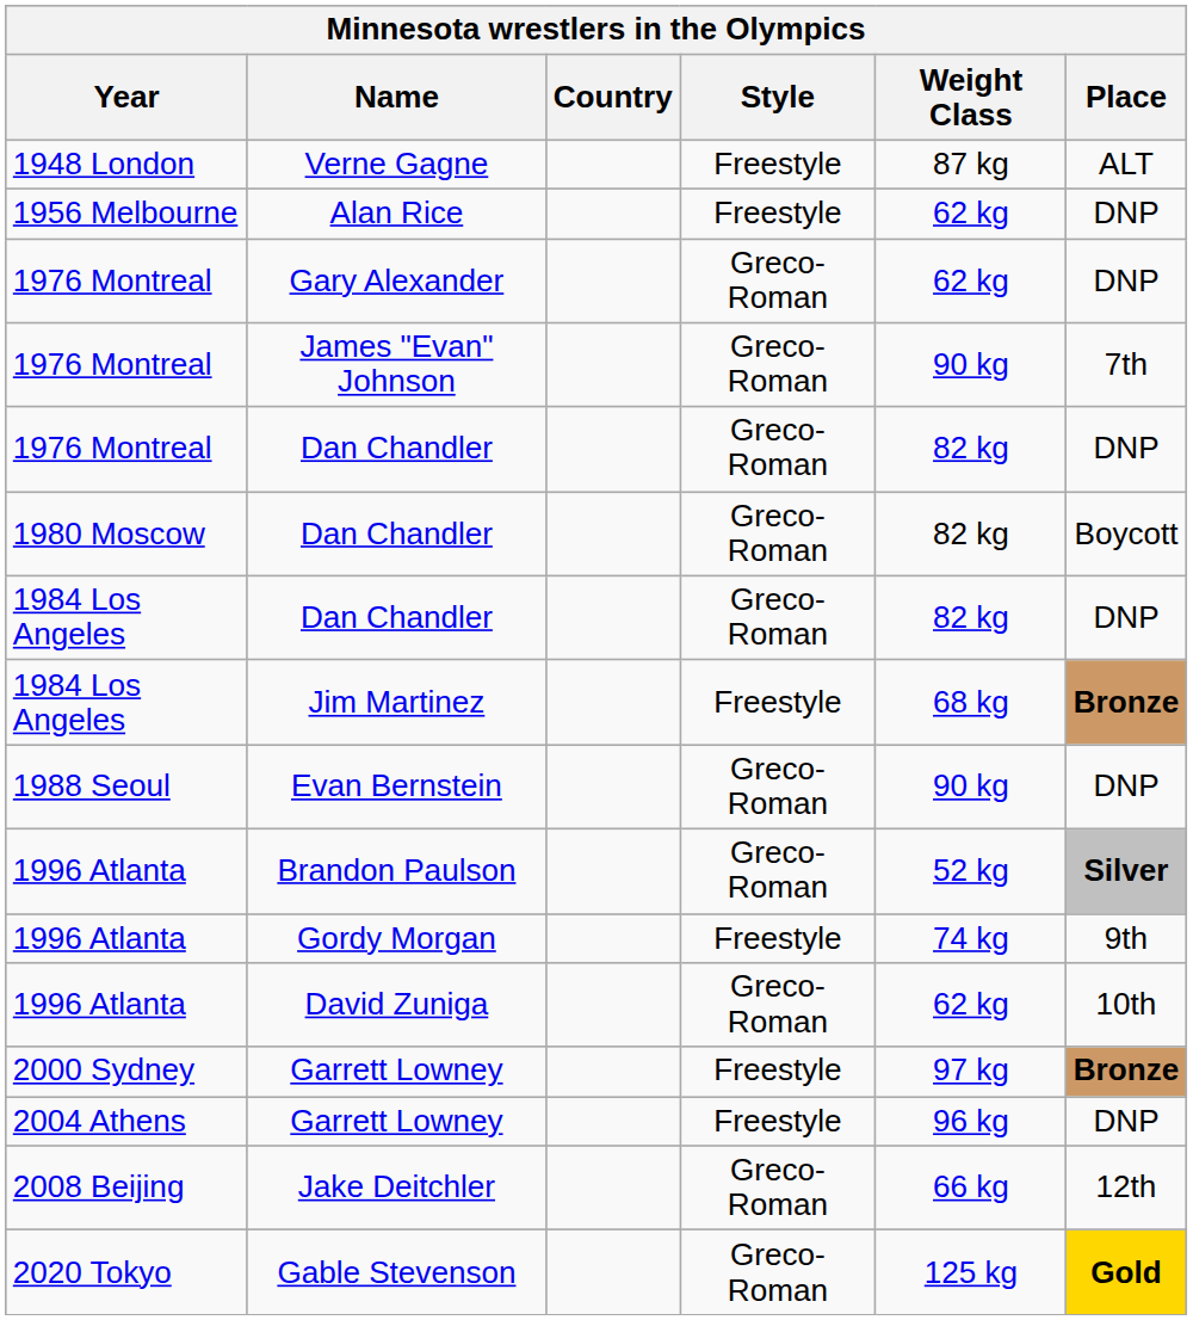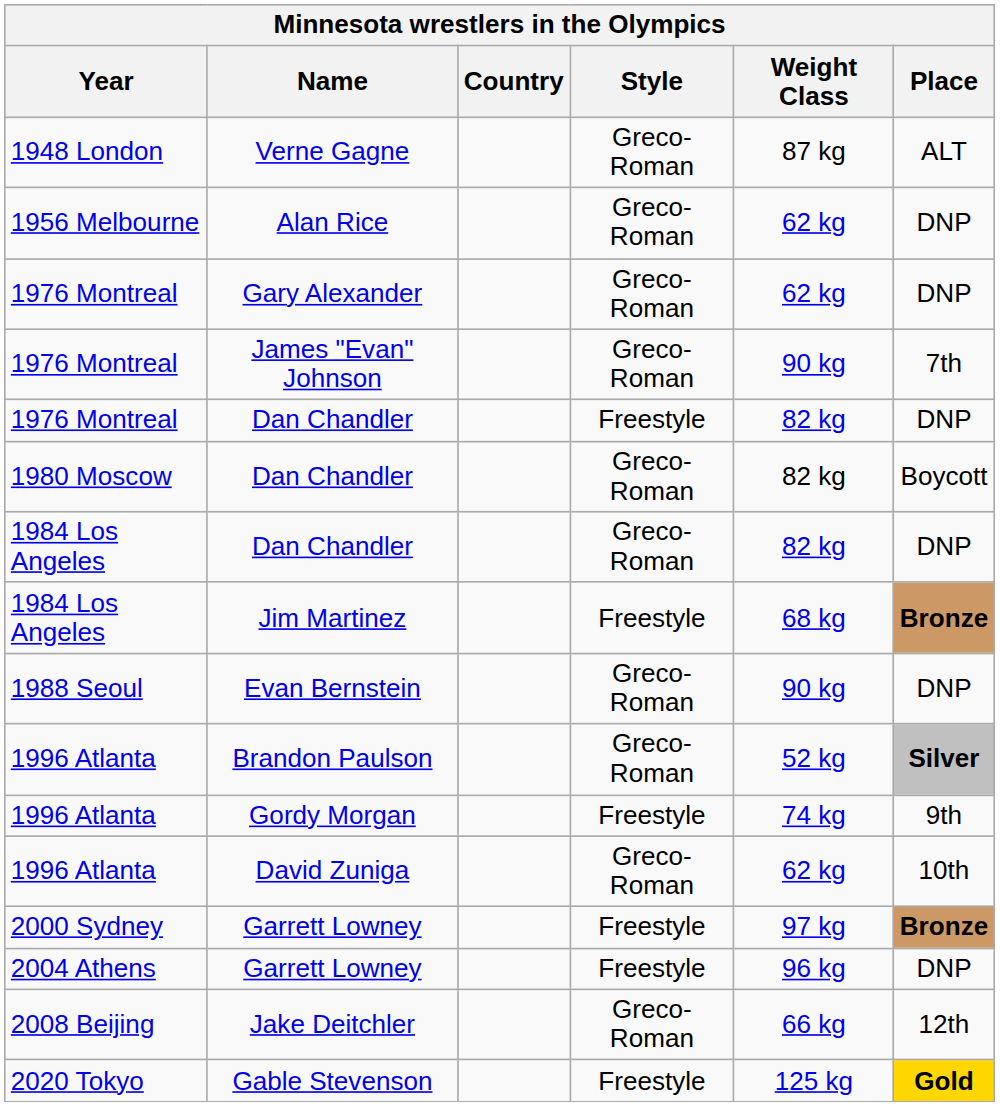 <table class="wikitable">
 <tr>
 <th colspan="6">Minnesota wrestlers in the Olympics</th>
 </tr>
 <tr>
 <th scope="col">Year</th>
 <th scope="col">Name</th>
 <th scope="col">Country</th>
 <th scope="col">Style</th>
 <th scope="col">Weight Class</th>
 <th scope="col">Place</th>
 </tr>
 <tr>
 <td><a href='#'>1948 London</a></td>
 <td style="text-align: center;"><a href='#'>Verne Gagne</a></td>
 <td style="text-align: center;"></td>
-<td style="text-align: center;">Freestyle</td>
+<td style="text-align: center;">Greco-Roman</td>
 <td style="text-align: center;">87 kg</td>
 <td style="text-align: center;">ALT</td>
 </tr>
 <tr>
 <td><a href='#'>1956 Melbourne</a></td>
 <td style="text-align: center;"><a href='#'>Alan Rice</a></td>
 <td style="text-align: center;"></td>
-<td style="text-align: center;">Freestyle</td>
+<td style="text-align: center;">Greco-Roman</td>
 <td style="text-align: center;"><a href='#'>62 kg</a></td>
 <td style="text-align: center;">DNP</td>
 </tr>
 <tr>
 <td><a href='#'>1976 Montreal</a></td>
 <td style="text-align: center;"><a href='#'>Gary Alexander</a></td>
 <td style="text-align: center;"></td>
 <td style="text-align: center;">Greco-Roman</td>
 <td style="text-align: center;"><a href='#'>62 kg</a></td>
 <td style="text-align: center;">DNP</td>
 </tr>
 <tr>
 <td><a href='#'>1976 Montreal</a></td>
 <td style="text-align: center;"><a href='#'>James "Evan" Johnson</a></td>
 <td style="text-align: center;"></td>
 <td style="text-align: center;">Greco-Roman</td>
 <td style="text-align: center;"><a href='#'>90 kg</a></td>
 <td style="text-align: center;">7th</td>
 </tr>
 <tr>
 <td><a href='#'>1976 Montreal</a></td>
 <td style="text-align: center;"><a href='#'>Dan Chandler</a></td>
 <td style="text-align: center;"></td>
-<td style="text-align: center;">Greco-Roman</td>
+<td style="text-align: center;">Freestyle</td>
 <td style="text-align: center;"><a href='#'>82 kg</a></td>
 <td style="text-align: center;">DNP</td>
 </tr>
 <tr>
 <td><a href='#'>1980 Moscow</a></td>
 <td style="text-align: center;"><a href='#'>Dan Chandler</a></td>
 <td style="text-align: center;"></td>
 <td style="text-align: center;">Greco-Roman</td>
 <td style="text-align: center;">82 kg</td>
 <td style="text-align: center;">Boycott</td>
 </tr>
 <tr>
 <td><a href='#'>1984 Los Angeles</a></td>
 <td style="text-align: center;"><a href='#'>Dan Chandler</a></td>
 <td style="text-align: center;"></td>
 <td style="text-align: center;">Greco-Roman</td>
 <td style="text-align: center;"><a href='#'>82 kg</a></td>
 <td style="text-align: center;">DNP</td>
 </tr>
 <tr>
 <td><a href='#'>1984 Los Angeles</a></td>
 <td style="text-align: center;"><a href='#'>Jim Martinez</a></td>
 <td style="text-align: center;"></td>
 <td style="text-align: center;">Freestyle</td>
 <td style="text-align: center;"><a href='#'>68 kg</a></td>
 <td style="text-align:center; background:#c96;"><strong>Bronze</strong></td>
 </tr>
 <tr>
 <td><a href='#'>1988 Seoul</a></td>
 <td style="text-align: center;"><a href='#'>Evan Bernstein</a></td>
 <td style="text-align: center;"></td>
 <td style="text-align: center;">Greco-Roman</td>
 <td style="text-align: center;"><a href='#'>90 kg</a></td>
 <td style="text-align: center;">DNP</td>
 </tr>
 <tr>
 <td><a href='#'>1996 Atlanta</a></td>
 <td style="text-align: center;"><a href='#'>Brandon Paulson</a></td>
 <td style="text-align: center;"></td>
 <td style="text-align: center;">Greco-Roman</td>
 <td style="text-align: center;"><a href='#'>52 kg</a></td>
 <td style="text-align: center; background:  silver;"><strong>Silver</strong></td>
 </tr>
 <tr>
 <td><a href='#'>1996 Atlanta</a></td>
 <td style="text-align: center;"><a href='#'>Gordy Morgan</a></td>
 <td style="text-align: center;"></td>
 <td style="text-align: center;">Freestyle</td>
 <td style="text-align: center;"><a href='#'>74 kg</a></td>
 <td style="text-align: center;">9th</td>
 </tr>
 <tr>
 <td><a href='#'>1996 Atlanta</a></td>
 <td style="text-align: center;"><a href='#'>David Zuniga</a></td>
 <td style="text-align: center;"></td>
 <td style="text-align: center;">Greco-Roman</td>
 <td style="text-align: center;"><a href='#'>62 kg</a></td>
 <td style="text-align: center;">10th</td>
 </tr>
 <tr>
 <td><a href='#'>2000 Sydney</a></td>
 <td style="text-align: center;"><a href='#'>Garrett Lowney</a></td>
 <td style="text-align: center;"></td>
 <td style="text-align: center;">Freestyle</td>
 <td style="text-align: center;"><a href='#'>97 kg</a></td>
 <td style="text-align:center; background:#c96;"><strong>Bronze</strong></td>
 </tr>
 <tr>
 <td><a href='#'>2004 Athens</a></td>
 <td style="text-align: center;"><a href='#'>Garrett Lowney</a></td>
 <td style="text-align: center;"></td>
 <td style="text-align: center;">Freestyle</td>
 <td style="text-align: center;"><a href='#'>96 kg</a></td>
 <td style="text-align: center;">DNP</td>
 </tr>
 <tr>
 <td><a href='#'>2008 Beijing</a></td>
 <td style="text-align: center;"><a href='#'>Jake Deitchler</a></td>
 <td style="text-align: center;"></td>
 <td style="text-align: center;">Greco-Roman</td>
 <td style="text-align: center;"><a href='#'>66 kg</a></td>
 <td style="text-align: center;">12th</td>
 </tr>
 <tr>
 <td><a href='#'>2020 Tokyo</a></td>
 <td style="text-align: center;"><a href='#'>Gable Stevenson</a></td>
 <td style="text-align: center;"></td>
-<td style="text-align: center;">Greco-Roman</td>
+<td style="text-align: center;">Freestyle</td>
 <td style="text-align: center;"><a href='#'>125 kg</a></td>
 <td style="text-align: center; background:  gold;"><strong>Gold</strong></td>
 </tr>
 </table>
